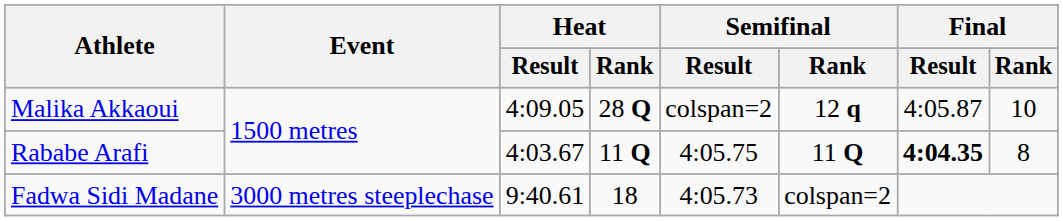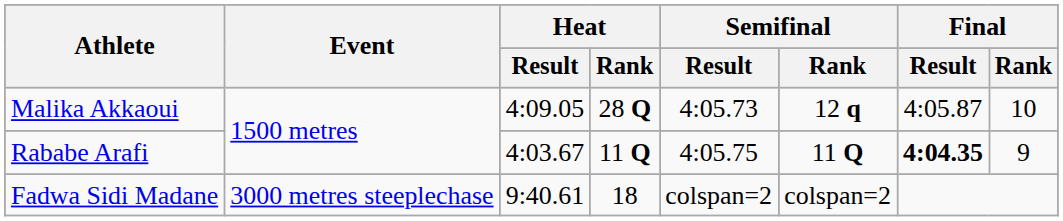 <table class="wikitable" style="font-size:90%">
 <tr>
 <th rowspan="2">Athlete</th>
 <th rowspan="2">Event</th>
 <th colspan="2">Heat</th>
 <th colspan="2">Semifinal</th>
 <th colspan="2">Final</th>
 </tr>
 <tr style="font-size:95%">
 <th>Result</th>
 <th>Rank</th>
 <th>Result</th>
 <th>Rank</th>
 <th>Result</th>
 <th>Rank</th>
 </tr>
 <tr style=text-align:center>
 <td style=text-align:left><a href='#'>Malika Akkaoui</a></td>
 <td style=text-align:left rowspan=2><a href='#'>1500 metres</a></td>
 <td>4:09.05</td>
 <td>28 <strong>Q</strong></td>
-<td>colspan=2 </td>
+<td>4:05.73</td>
 <td>12 <strong>q</strong></td>
 <td>4:05.87</td>
 <td>10</td>
 </tr>
 <tr style=text-align:center>
 <td style=text-align:left><a href='#'>Rababe Arafi</a></td>
 <td>4:03.67</td>
 <td>11 <strong>Q</strong></td>
 <td>4:05.75</td>
 <td>11 <strong>Q</strong></td>
 <td><strong>4:04.35</strong></td>
-<td>8</td>
+<td>9</td>
 </tr>
 <tr style=text-align:center>
 <td style=text-align:left><a href='#'>Fadwa Sidi Madane</a></td>
 <td style=text-align:left><a href='#'>3000 metres steeplechase</a></td>
 <td>9:40.61</td>
 <td>18</td>
-<td>4:05.73</td>
+<td>colspan=2 </td>
 <td>colspan=2 </td>
 </tr>
 </table>
